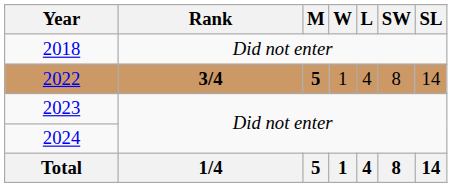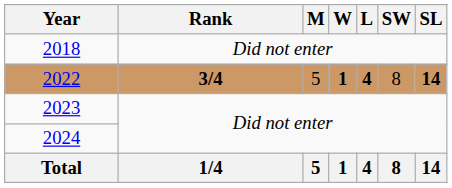 <table class="wikitable" style="text-align:center; font-size:100%">
 <tr>
 <th width=90>Year</th>
 <th width=150>Rank</th>
 <th>M</th>
 <th>W</th>
 <th>L</th>
 <th>SW</th>
 <th>SL</th>
 </tr>
 <tr>
 <td> <a href='#'>2018</a></td>
 <td colspan=6><em>Did not enter</em></td>
 </tr>
 <tr bgcolor=#c96>
 <td> <a href='#'>2022</a></td>
 <td><strong>3/4</strong></td>
-<td><strong>5</strong></td>
-<td>1</td>
-<td>4</td>
+<td>5</td>
+<td><strong>1</strong></td>
+<td><strong>4</strong></td>
 <td>8</td>
-<td>14</td>
+<td><strong>14</strong></td>
 </tr>
 <tr>
 <td> <a href='#'>2023</a></td>
 <td colspan=6 rowspan=2><em>Did not enter</em></td>
 </tr>
 <tr>
 <td> <a href='#'>2024</a></td>
 </tr>
 <tr>
 <th>Total</th>
 <th>1/4</th>
 <th>5</th>
 <th>1</th>
 <th>4</th>
 <th>8</th>
 <th>14</th>
 </tr>
 </table>
